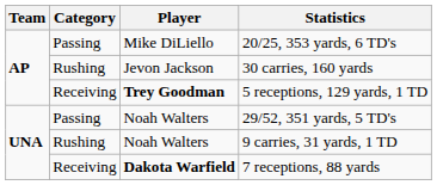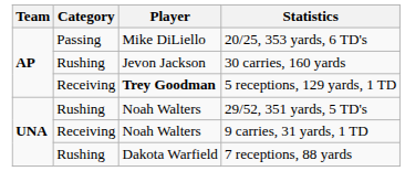 <table class="wikitable" style="float: right;">
 <tr>
 <th>Team</th>
 <th>Category</th>
 <th>Player</th>
 <th>Statistics</th>
 </tr>
 <tr>
 <td rowspan=3><strong>AP</strong></td>
 <td>Passing</td>
 <td>Mike DiLiello</td>
 <td>20/25, 353 yards, 6 TD's</td>
 </tr>
 <tr>
 <td>Rushing</td>
 <td>Jevon Jackson</td>
 <td>30 carries, 160 yards</td>
 </tr>
 <tr>
 <td>Receiving</td>
 <td><strong>Trey Goodman</strong></td>
 <td>5 receptions, 129 yards, 1 TD</td>
 </tr>
 <tr>
 <td rowspan=3><strong>UNA</strong></td>
-<td>Passing</td>
+<td>Rushing</td>
 <td>Noah Walters</td>
 <td>29/52, 351 yards, 5 TD's</td>
 </tr>
 <tr>
-<td>Rushing</td>
+<td>Receiving</td>
 <td>Noah Walters</td>
 <td>9 carries, 31 yards, 1 TD</td>
 </tr>
 <tr>
-<td>Receiving</td>
-<td><strong>Dakota Warfield</strong></td>
+<td>Rushing</td>
+<td>Dakota Warfield</td>
 <td>7 receptions, 88 yards</td>
 </tr>
 </table>
